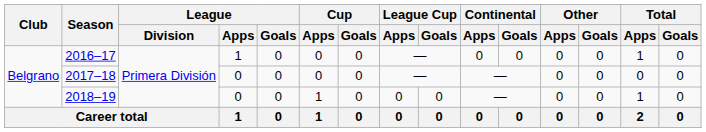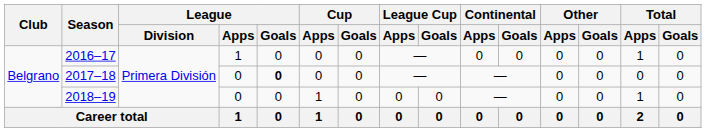 <table class="wikitable" style="text-align:center">
 <tr>
 <th rowspan="2">Club</th>
 <th rowspan="2">Season</th>
 <th colspan="3">League</th>
 <th colspan="2">Cup</th>
 <th colspan="2">League Cup</th>
 <th colspan="2">Continental</th>
 <th colspan="2">Other</th>
 <th colspan="2">Total</th>
 </tr>
 <tr>
 <th>Division</th>
 <th>Apps</th>
 <th>Goals</th>
 <th>Apps</th>
 <th>Goals</th>
 <th>Apps</th>
 <th>Goals</th>
 <th>Apps</th>
 <th>Goals</th>
 <th>Apps</th>
 <th>Goals</th>
 <th>Apps</th>
 <th>Goals</th>
 </tr>
 <tr>
 <td rowspan="3"><a href='#'>Belgrano</a></td>
 <td><a href='#'>2016–17</a></td>
 <td rowspan="3"><a href='#'>Primera División</a></td>
 <td>1</td>
 <td>0</td>
 <td>0</td>
 <td>0</td>
 <td colspan="2">—</td>
 <td>0</td>
 <td>0</td>
 <td>0</td>
 <td>0</td>
 <td>1</td>
 <td>0</td>
 </tr>
 <tr>
 <td><a href='#'>2017–18</a></td>
 <td>0</td>
-<td>0</td>
+<td><strong>0</strong></td>
 <td>0</td>
 <td>0</td>
 <td colspan="2">—</td>
 <td colspan="2">—</td>
 <td>0</td>
 <td>0</td>
 <td>0</td>
 <td>0</td>
 </tr>
 <tr>
 <td><a href='#'>2018–19</a></td>
 <td>0</td>
 <td>0</td>
 <td>1</td>
 <td>0</td>
 <td>0</td>
 <td>0</td>
 <td colspan="2">—</td>
 <td>0</td>
 <td>0</td>
 <td>1</td>
 <td>0</td>
 </tr>
 <tr>
 <th colspan="3">Career total</th>
 <th>1</th>
 <th>0</th>
 <th>1</th>
 <th>0</th>
 <th>0</th>
 <th>0</th>
 <th>0</th>
 <th>0</th>
 <th>0</th>
 <th>0</th>
 <th>2</th>
 <th>0</th>
 </tr>
 </table>
